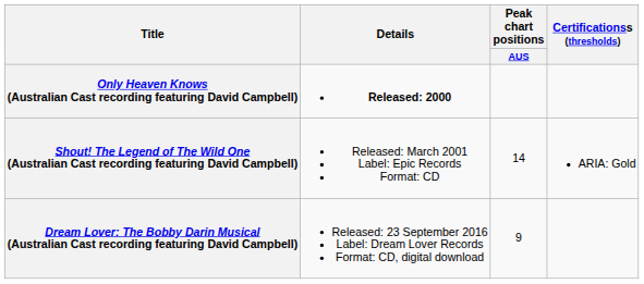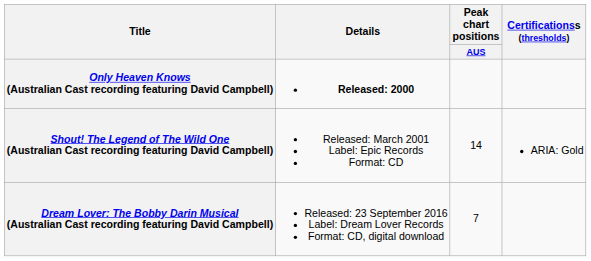 <table class="wikitable plainrowheaders" style="text-align:center;" border="1">
 <tr>
 <th scope="col" rowspan="2">Title</th>
 <th scope="col" rowspan="2">Details</th>
 <th scope="col" colspan="1">Peak chart positions</th>
 <th scope="col" rowspan="2"><a href='#'>Certifications</a>s<br><small>(<a href='#'>thresholds</a>)</small></th>
 </tr>
 <tr>
 <th scope="col" style="width:3em;font-size:85%;"><a href='#'>AUS</a><br></th>
 </tr>
 <tr>
 <th scope="row"><em><a href='#'>Only Heaven Knows</a></em> <br> (Australian Cast recording featuring David Campbell)</th>
 <td><strong><br><ul><li>Released: 2000</li></ul></strong></td>
 <td></td>
 </tr>
 <tr>
 <th scope="row"><em><a href='#'>Shout! The Legend of The Wild One</a></em> <br> (Australian Cast recording featuring David Campbell)</th>
 <td><br><ul><li>Released: March 2001</li><li>Label: Epic Records</li><li>Format: CD</li></ul></td>
 <td>14</td>
 <td><br><ul><li>ARIA: Gold</li></ul></td>
 </tr>
 <tr>
 <th scope="row"><em><a href='#'>Dream Lover: The Bobby Darin Musical</a></em><br> (Australian Cast recording featuring David Campbell)</th>
 <td><br><ul><li>Released: 23 September 2016</li><li>Label: Dream Lover Records</li><li>Format: CD, digital download</li></ul></td>
-<td>9</td>
+<td>7</td>
 <td></td>
 </tr>
 </table>
